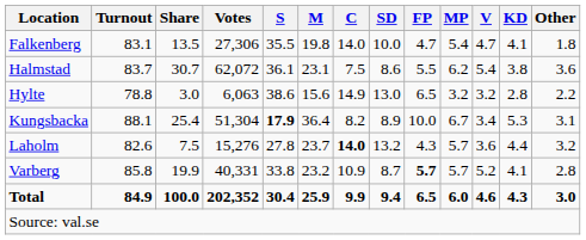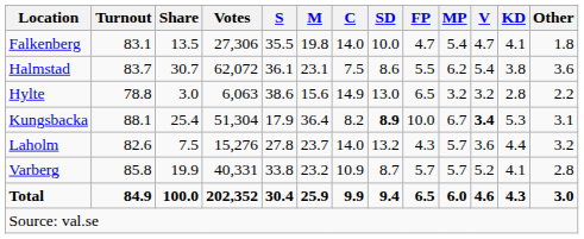 <table class="wikitable sortable" style=text-align:right>
 <tr>
 <th>Location</th>
 <th>Turnout</th>
 <th>Share</th>
 <th>Votes</th>
 <th><a href='#'>S</a></th>
 <th><a href='#'>M</a></th>
 <th><a href='#'>C</a></th>
 <th><a href='#'>SD</a></th>
 <th><a href='#'>FP</a></th>
 <th><a href='#'>MP</a></th>
 <th><a href='#'>V</a></th>
 <th><a href='#'>KD</a></th>
 <th>Other</th>
 </tr>
 <tr>
 <td align=left><a href='#'>Falkenberg</a></td>
 <td>83.1</td>
 <td>13.5</td>
 <td>27,306</td>
 <td>35.5</td>
 <td>19.8</td>
 <td>14.0</td>
 <td>10.0</td>
 <td>4.7</td>
 <td>5.4</td>
 <td>4.7</td>
 <td>4.1</td>
 <td>1.8</td>
 </tr>
 <tr>
 <td align=left><a href='#'>Halmstad</a></td>
 <td>83.7</td>
 <td>30.7</td>
 <td>62,072</td>
 <td>36.1</td>
 <td>23.1</td>
 <td>7.5</td>
 <td>8.6</td>
 <td>5.5</td>
 <td>6.2</td>
 <td>5.4</td>
 <td>3.8</td>
 <td>3.6</td>
 </tr>
 <tr>
 <td align=left><a href='#'>Hylte</a></td>
 <td>78.8</td>
 <td>3.0</td>
 <td>6,063</td>
 <td>38.6</td>
 <td>15.6</td>
 <td>14.9</td>
 <td>13.0</td>
 <td>6.5</td>
 <td>3.2</td>
 <td>3.2</td>
 <td>2.8</td>
 <td>2.2</td>
 </tr>
 <tr>
 <td align=left><a href='#'>Kungsbacka</a></td>
 <td>88.1</td>
 <td>25.4</td>
 <td>51,304</td>
-<td><strong>17.9</strong></td>
+<td>17.9</td>
 <td>36.4</td>
 <td>8.2</td>
-<td>8.9</td>
+<td><strong>8.9</strong></td>
 <td>10.0</td>
 <td>6.7</td>
-<td>3.4</td>
+<td><strong>3.4</strong></td>
 <td>5.3</td>
 <td>3.1</td>
 </tr>
 <tr>
 <td align=left><a href='#'>Laholm</a></td>
 <td>82.6</td>
 <td>7.5</td>
 <td>15,276</td>
 <td>27.8</td>
 <td>23.7</td>
-<td><strong>14.0</strong></td>
+<td>14.0</td>
 <td>13.2</td>
 <td>4.3</td>
 <td>5.7</td>
 <td>3.6</td>
 <td>4.4</td>
 <td>3.2</td>
 </tr>
 <tr>
 <td align=left><a href='#'>Varberg</a></td>
 <td>85.8</td>
 <td>19.9</td>
 <td>40,331</td>
 <td>33.8</td>
 <td>23.2</td>
 <td>10.9</td>
 <td>8.7</td>
-<td><strong>5.7</strong></td>
+<td>5.7</td>
 <td>5.7</td>
 <td>5.2</td>
 <td>4.1</td>
 <td>2.8</td>
 </tr>
 <tr>
 <td align=left><strong>Total</strong></td>
 <td><strong>84.9</strong></td>
 <td><strong>100.0</strong></td>
 <td><strong>202,352</strong></td>
 <td><strong>30.4</strong></td>
 <td><strong>25.9</strong></td>
 <td><strong>9.9</strong></td>
 <td><strong>9.4</strong></td>
 <td><strong>6.5</strong></td>
 <td><strong>6.0</strong></td>
 <td><strong>4.6</strong></td>
 <td><strong>4.3</strong></td>
 <td><strong>3.0</strong></td>
 </tr>
 <tr>
 <td align=left colspan=13>Source: val.se</td>
 </tr>
 </table>
